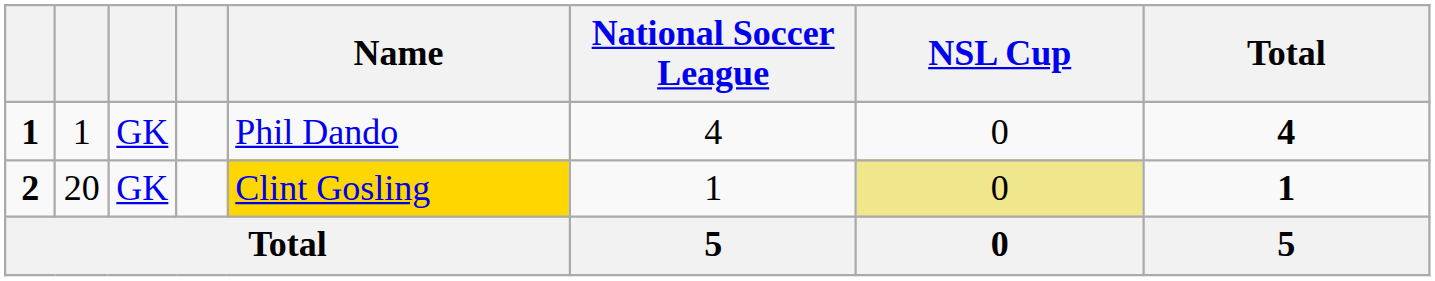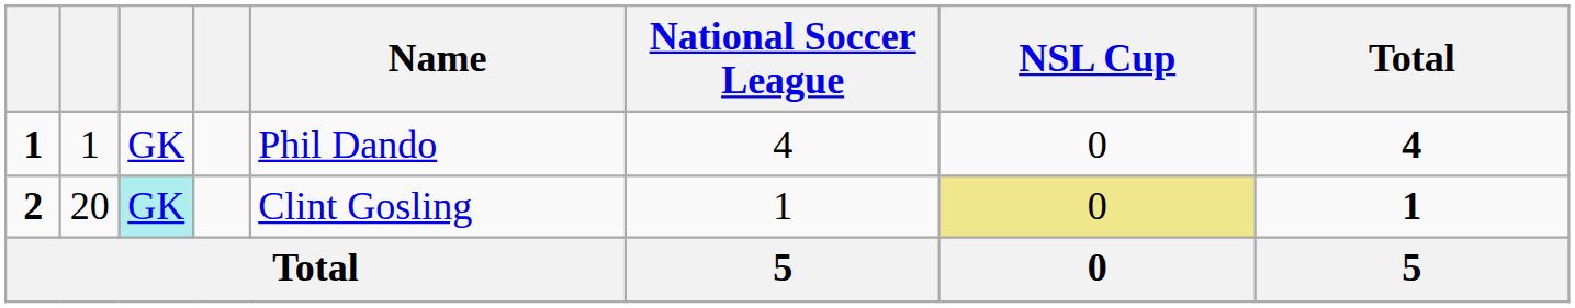 <table class="wikitable" style="text-align:center">
 <tr>
 <th width=15></th>
 <th width=15></th>
 <th width=15></th>
 <th width=15></th>
 <th width=145>Name</th>
 <th width=120><a href='#'>National Soccer League</a></th>
 <th width=120><a href='#'>NSL Cup</a></th>
 <th width=120>Total</th>
 </tr>
 <tr>
 <td><strong>1</strong></td>
 <td>1</td>
 <td><a href='#'>GK</a></td>
 <td></td>
 <td align=left><a href='#'>Phil Dando</a></td>
 <td>4</td>
 <td>0</td>
 <td><strong>4</strong></td>
 </tr>
 <tr>
 <td><strong>2</strong></td>
 <td>20</td>
-<td><a href='#'>GK</a></td>
+<td style="background: paleturquoise;"><a href='#'>GK</a></td>
 <td></td>
-<td align=left style="background: gold;"><a href='#'>Clint Gosling</a></td>
+<td align=left><a href='#'>Clint Gosling</a></td>
 <td>1</td>
 <td style="background: khaki;">0</td>
 <td><strong>1</strong></td>
 </tr>
 <tr>
 <th colspan="5"><strong>Total</strong></th>
 <th>5</th>
 <th>0</th>
 <th>5</th>
 </tr>
 </table>
